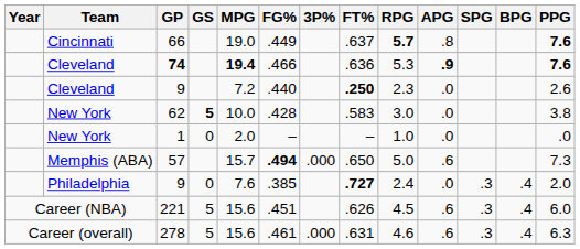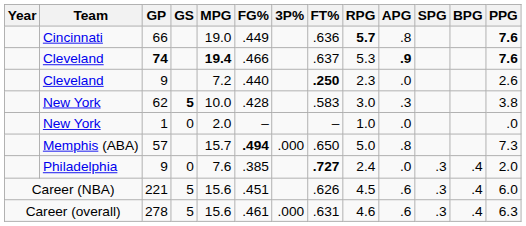 <table class="wikitable sortable" style="font-size:95%; text-align:right;">
 <tr>
 <th>Year</th>
 <th>Team</th>
 <th>GP</th>
 <th>GS</th>
 <th>MPG</th>
 <th>FG%</th>
 <th>3P%</th>
 <th>FT%</th>
 <th>RPG</th>
 <th>APG</th>
 <th>SPG</th>
 <th>BPG</th>
 <th>PPG</th>
 </tr>
 <tr>
 <td style="text-align:left;"></td>
 <td style="text-align:left;"><a href='#'>Cincinnati</a></td>
 <td>66</td>
 <td></td>
 <td>19.0</td>
 <td>.449</td>
 <td></td>
-<td>.637</td>
+<td>.636</td>
 <td><strong>5.7</strong></td>
 <td>.8</td>
 <td></td>
 <td></td>
 <td><strong>7.6</strong></td>
 </tr>
 <tr>
 <td style="text-align:left;"></td>
 <td style="text-align:left;"><a href='#'>Cleveland</a></td>
 <td><strong>74</strong></td>
 <td></td>
 <td><strong>19.4</strong></td>
 <td>.466</td>
 <td></td>
-<td>.636</td>
+<td>.637</td>
 <td>5.3</td>
 <td><strong>.9</strong></td>
 <td></td>
 <td></td>
 <td><strong>7.6</strong></td>
 </tr>
 <tr>
 <td style="text-align:left;"></td>
 <td style="text-align:left;"><a href='#'>Cleveland</a></td>
 <td>9</td>
 <td></td>
 <td>7.2</td>
 <td>.440</td>
 <td></td>
 <td><strong>.250</strong></td>
 <td>2.3</td>
 <td>.0</td>
 <td></td>
 <td></td>
 <td>2.6</td>
 </tr>
 <tr>
 <td style="text-align:left;"></td>
 <td style="text-align:left;"><a href='#'>New York</a></td>
 <td>62</td>
 <td><strong>5</strong></td>
 <td>10.0</td>
 <td>.428</td>
 <td></td>
 <td>.583</td>
 <td>3.0</td>
-<td>.0</td>
+<td>.3</td>
 <td></td>
 <td></td>
 <td>3.8</td>
 </tr>
 <tr>
 <td style="text-align:left;"></td>
 <td style="text-align:left;"><a href='#'>New York</a></td>
 <td>1</td>
 <td>0</td>
 <td>2.0</td>
 <td>–</td>
 <td></td>
 <td>–</td>
 <td>1.0</td>
 <td>.0</td>
 <td></td>
 <td></td>
 <td>.0</td>
 </tr>
 <tr>
 <td style="text-align:left;"></td>
 <td style="text-align:left;"><a href='#'>Memphis</a> (ABA)</td>
 <td>57</td>
 <td></td>
 <td>15.7</td>
 <td><strong>.494</strong></td>
 <td>.000</td>
 <td>.650</td>
 <td>5.0</td>
-<td>.6</td>
+<td>.8</td>
 <td></td>
 <td></td>
 <td>7.3</td>
 </tr>
 <tr>
 <td style="text-align:left;"></td>
 <td style="text-align:left;"><a href='#'>Philadelphia</a></td>
 <td>9</td>
 <td>0</td>
 <td>7.6</td>
 <td>.385</td>
 <td></td>
 <td><strong>.727</strong></td>
 <td>2.4</td>
 <td>.0</td>
 <td>.3</td>
 <td>.4</td>
 <td>2.0</td>
 </tr>
 <tr class="sortbottom">
 <td colspan="2" style="text-align:center;">Career (NBA)</td>
 <td>221</td>
 <td>5</td>
 <td>15.6</td>
 <td>.451</td>
 <td></td>
 <td>.626</td>
 <td>4.5</td>
 <td>.6</td>
 <td>.3</td>
 <td>.4</td>
 <td>6.0</td>
 </tr>
 <tr class="sortbottom">
 <td colspan="2" style="text-align:center;">Career (overall)</td>
 <td>278</td>
 <td>5</td>
 <td>15.6</td>
 <td>.461</td>
 <td>.000</td>
 <td>.631</td>
 <td>4.6</td>
 <td>.6</td>
 <td>.3</td>
 <td>.4</td>
 <td>6.3</td>
 </tr>
 </table>
